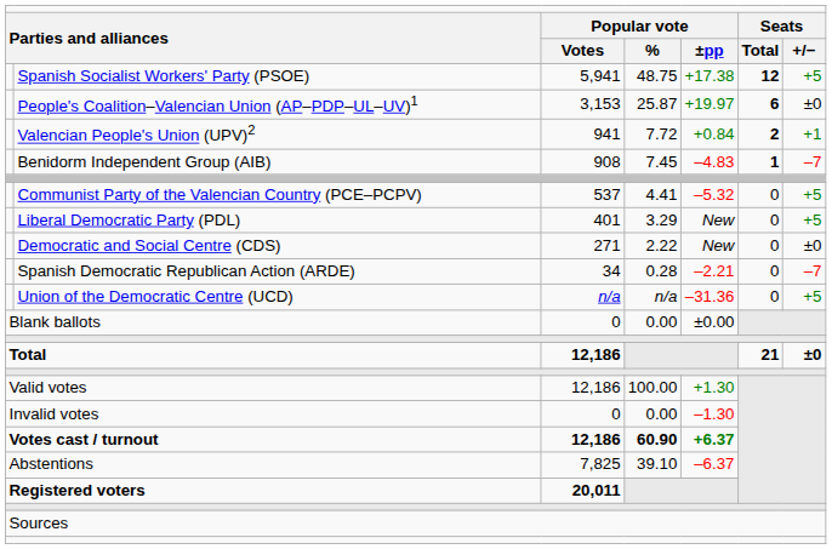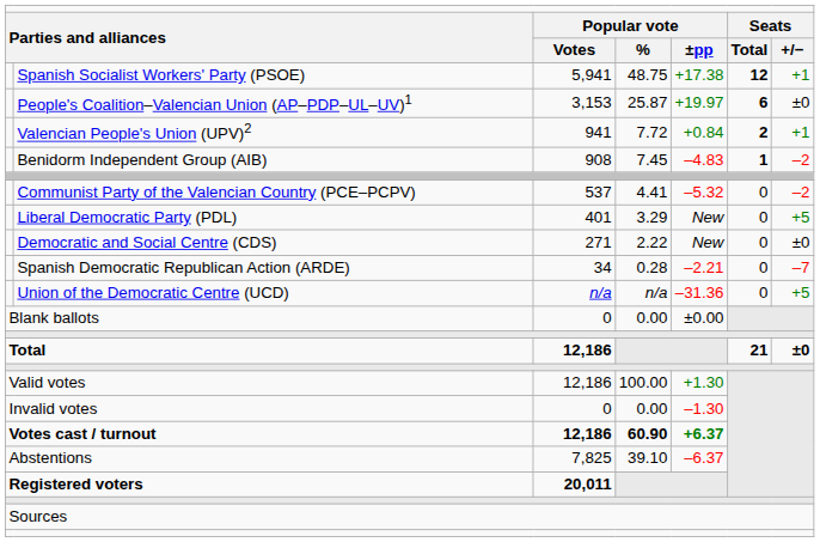 <table class="wikitable" style="text-align:right;">
 <tr>
 <td colspan="7"></td>
 </tr>
 <tr>
 <th style="text-align:left;" rowspan="2" colspan="2" width="525">Parties and alliances</th>
 <th colspan="3">Popular vote</th>
 <th colspan="2">Seats</th>
 </tr>
 <tr>
 <th width="75">Votes</th>
 <th width="45">%</th>
 <th width="45">±<a href='#'>pp</a></th>
 <th width="35">Total</th>
 <th width="35">+/−</th>
 </tr>
 <tr>
 <td width="1" style="color:inherit;background:"></td>
 <td align="left"><a href='#'>Spanish Socialist Workers' Party</a> (PSOE)</td>
 <td>5,941</td>
 <td>48.75</td>
 <td style="color:green;">+17.38</td>
 <td><strong>12</strong></td>
-<td style="color:green;">+5</td>
+<td style="color:green;">+1</td>
 </tr>
 <tr>
 <td style="color:inherit;background:"></td>
 <td align="left"><a href='#'>People's Coalition</a>–<a href='#'>Valencian Union</a> (<a href='#'>AP</a>–<a href='#'>PDP</a>–<a href='#'>UL</a>–<a href='#'>UV</a>)<sup>1</sup></td>
 <td>3,153</td>
 <td>25.87</td>
 <td style="color:green;">+19.97</td>
 <td><strong>6</strong></td>
 <td>±0</td>
 </tr>
 <tr>
 <td style="color:inherit;background:"></td>
 <td align="left"><a href='#'>Valencian People's Union</a> (UPV)<sup>2</sup></td>
 <td>941</td>
 <td>7.72</td>
 <td style="color:green;">+0.84</td>
 <td><strong>2</strong></td>
 <td style="color:green;">+1</td>
 </tr>
 <tr>
 <td style="color:inherit;background:"></td>
 <td align="left">Benidorm Independent Group (AIB)</td>
 <td>908</td>
 <td>7.45</td>
 <td style="color:red;">–4.83</td>
 <td><strong>1</strong></td>
-<td style="color:red;">–7</td>
+<td style="color:red;">–2</td>
 </tr>
 <tr>
 <td colspan="7" bgcolor="#C0C0C0"></td>
 </tr>
 <tr>
 <td style="color:inherit;background:"></td>
 <td align="left"><a href='#'>Communist Party of the Valencian Country</a> (PCE–PCPV)</td>
 <td>537</td>
 <td>4.41</td>
 <td style="color:red;">–5.32</td>
 <td>0</td>
-<td style="color:green;">+5</td>
+<td style="color:red;">–2</td>
 </tr>
 <tr>
 <td style="color:inherit;background:"></td>
 <td align="left"><a href='#'>Liberal Democratic Party</a> (PDL)</td>
 <td>401</td>
 <td>3.29</td>
 <td><em>New</em></td>
 <td>0</td>
 <td style="color:green;">+5</td>
 </tr>
 <tr>
 <td style="color:inherit;background:"></td>
 <td align="left"><a href='#'>Democratic and Social Centre</a> (CDS)</td>
 <td>271</td>
 <td>2.22</td>
 <td><em>New</em></td>
 <td>0</td>
 <td>±0</td>
 </tr>
 <tr>
 <td style="color:inherit;background:"></td>
 <td align="left">Spanish Democratic Republican Action (ARDE)</td>
 <td>34</td>
 <td>0.28</td>
 <td style="color:red;">–2.21</td>
 <td>0</td>
 <td style="color:red;">–7</td>
 </tr>
 <tr>
 <td style="color:inherit;background:"></td>
 <td align="left"><a href='#'>Union of the Democratic Centre</a> (UCD)</td>
 <td><em><a href='#'>n/a</a></em></td>
 <td><em>n/a</em></td>
 <td style="color:red;">–31.36</td>
 <td>0</td>
 <td style="color:green;">+5</td>
 </tr>
 <tr>
 <td align="left" colspan="2">Blank ballots</td>
 <td>0</td>
 <td>0.00</td>
 <td>±0.00</td>
 <td bgcolor="#E9E9E9" colspan="2"></td>
 </tr>
 <tr>
 <td colspan="7" bgcolor="#E9E9E9"></td>
 </tr>
 <tr style="font-weight:bold;">
 <td align="left" colspan="2">Total</td>
 <td>12,186</td>
 <td bgcolor="#E9E9E9" colspan="2"></td>
 <td>21</td>
 <td>±0</td>
 </tr>
 <tr>
 <td colspan="7" bgcolor="#E9E9E9"></td>
 </tr>
 <tr>
 <td align="left" colspan="2">Valid votes</td>
 <td>12,186</td>
 <td>100.00</td>
 <td style="color:green;">+1.30</td>
 <td bgcolor="#E9E9E9" colspan="2" rowspan="5"></td>
 </tr>
 <tr>
 <td align="left" colspan="2">Invalid votes</td>
 <td>0</td>
 <td>0.00</td>
 <td style="color:red;">–1.30</td>
 </tr>
 <tr style="font-weight:bold;">
 <td align="left" colspan="2">Votes cast / turnout</td>
 <td>12,186</td>
 <td>60.90</td>
 <td style="color:green;">+6.37</td>
 </tr>
 <tr>
 <td align="left" colspan="2">Abstentions</td>
 <td>7,825</td>
 <td>39.10</td>
 <td style="color:red;">–6.37</td>
 </tr>
 <tr style="font-weight:bold;">
 <td align="left" colspan="2">Registered voters</td>
 <td>20,011</td>
 <td bgcolor="#E9E9E9" colspan="2"></td>
 </tr>
 <tr>
 <td colspan="7" bgcolor="#E9E9E9"></td>
 </tr>
 <tr>
 <td align="left" colspan="7">Sources</td>
 </tr>
 <tr>
 <td colspan="7" style="text-align:left; max-width:790px;"></td>
 </tr>
 </table>
